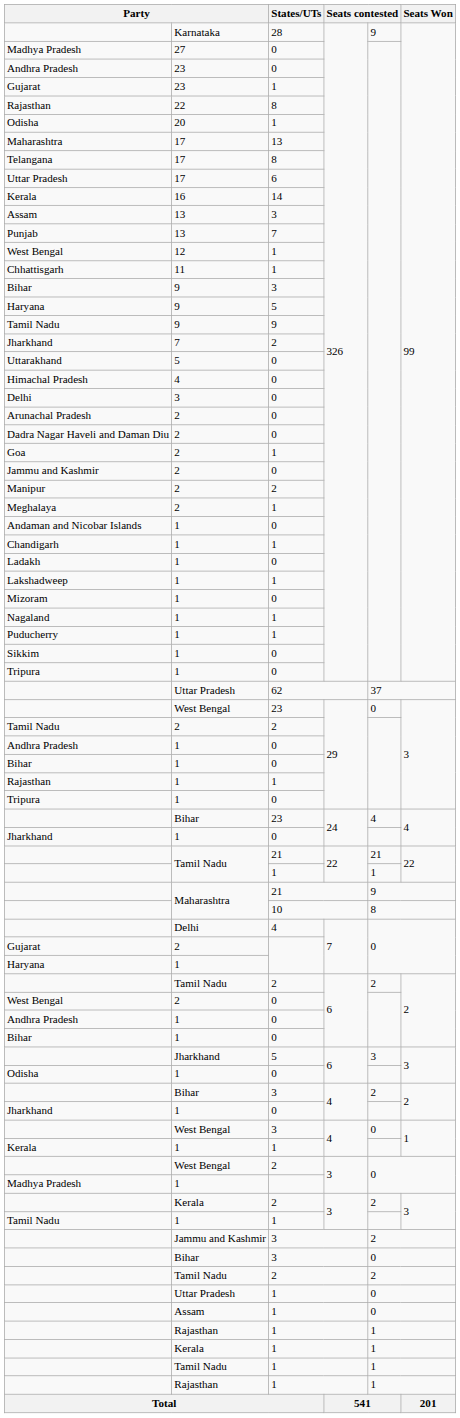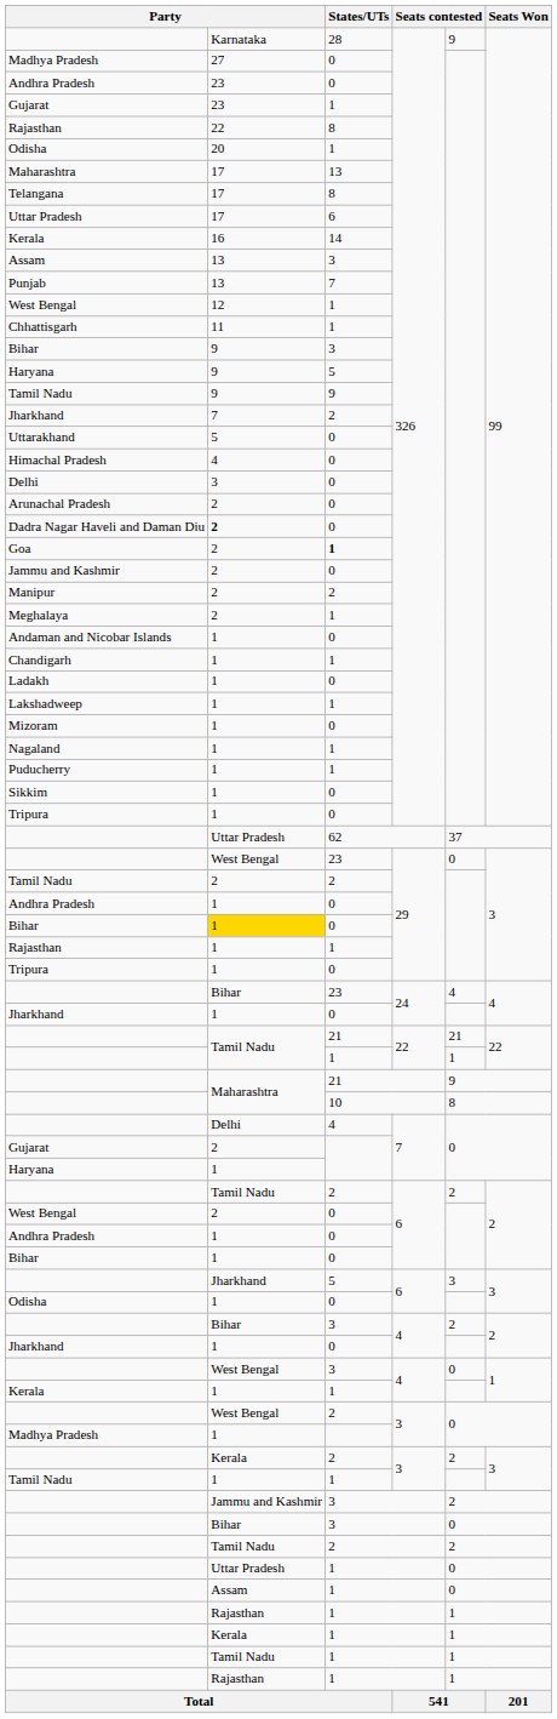 <table class="wikitable sortable sticky-header defaultcenter" style="font-size: 90%">
 <tr>
 <th colspan="2">Party</th>
 <th>States/UTs</th>
 <th colspan="2">Seats contested</th>
 <th colspan="2">Seats Won</th>
 </tr>
 <tr>
 <td></td>
 <td>Karnataka</td>
 <td>28</td>
 <td rowspan="36">326</td>
 <td>9</td>
 <td rowspan="36">99</td>
 </tr>
 <tr>
 <td>Madhya Pradesh</td>
 <td>27</td>
 <td>0</td>
 </tr>
 <tr>
 <td>Andhra Pradesh</td>
 <td>23</td>
 <td>0</td>
 </tr>
 <tr>
 <td>Gujarat</td>
 <td>23</td>
 <td>1</td>
 </tr>
 <tr>
 <td>Rajasthan</td>
 <td>22</td>
 <td>8</td>
 </tr>
 <tr>
 <td>Odisha</td>
 <td>20</td>
 <td>1</td>
 </tr>
 <tr>
 <td>Maharashtra</td>
 <td>17</td>
 <td>13</td>
 </tr>
 <tr>
 <td>Telangana</td>
 <td>17</td>
 <td>8</td>
 </tr>
 <tr>
 <td>Uttar Pradesh</td>
 <td>17</td>
 <td>6</td>
 </tr>
 <tr>
 <td>Kerala</td>
 <td>16</td>
 <td>14</td>
 </tr>
 <tr>
 <td>Assam</td>
 <td>13</td>
 <td>3</td>
 </tr>
 <tr>
 <td>Punjab</td>
 <td>13</td>
 <td>7</td>
 </tr>
 <tr>
 <td>West Bengal</td>
 <td>12</td>
 <td>1</td>
 </tr>
 <tr>
 <td>Chhattisgarh</td>
 <td>11</td>
 <td>1</td>
 </tr>
 <tr>
 <td>Bihar</td>
 <td>9</td>
 <td>3</td>
 </tr>
 <tr>
 <td>Haryana</td>
 <td>9</td>
 <td>5</td>
 </tr>
 <tr>
 <td>Tamil Nadu</td>
 <td>9</td>
 <td>9</td>
 </tr>
 <tr>
 <td>Jharkhand</td>
 <td>7</td>
 <td>2</td>
 </tr>
 <tr>
 <td>Uttarakhand</td>
 <td>5</td>
 <td>0</td>
 </tr>
 <tr>
 <td>Himachal Pradesh</td>
 <td>4</td>
 <td>0</td>
 </tr>
 <tr>
 <td>Delhi</td>
 <td>3</td>
 <td>0</td>
 </tr>
 <tr>
 <td>Arunachal Pradesh</td>
 <td>2</td>
 <td>0</td>
 </tr>
 <tr>
 <td>Dadra Nagar Haveli and Daman Diu</td>
-<td>2</td>
+<td><strong>2</strong></td>
 <td>0</td>
 </tr>
 <tr>
 <td>Goa</td>
 <td>2</td>
-<td>1</td>
+<td><strong>1</strong></td>
 </tr>
 <tr>
 <td>Jammu and Kashmir</td>
 <td>2</td>
 <td>0</td>
 </tr>
 <tr>
 <td>Manipur</td>
 <td>2</td>
 <td>2</td>
 </tr>
 <tr>
 <td>Meghalaya</td>
 <td>2</td>
 <td>1</td>
 </tr>
 <tr>
 <td>Andaman and Nicobar Islands</td>
 <td>1</td>
 <td>0</td>
 </tr>
 <tr>
 <td>Chandigarh</td>
 <td>1</td>
 <td>1</td>
 </tr>
 <tr>
 <td>Ladakh</td>
 <td>1</td>
 <td>0</td>
 </tr>
 <tr>
 <td>Lakshadweep</td>
 <td>1</td>
 <td>1</td>
 </tr>
 <tr>
 <td>Mizoram</td>
 <td>1</td>
 <td>0</td>
 </tr>
 <tr>
 <td>Nagaland</td>
 <td>1</td>
 <td>1</td>
 </tr>
 <tr>
 <td>Puducherry</td>
 <td>1</td>
 <td>1</td>
 </tr>
 <tr>
 <td>Sikkim</td>
 <td>1</td>
 <td>0</td>
 </tr>
 <tr>
 <td>Tripura</td>
 <td>1</td>
 <td>0</td>
 </tr>
 <tr>
 <td></td>
 <td>Uttar Pradesh</td>
 <td colspan="2">62</td>
 <td colspan="2">37</td>
 </tr>
 <tr>
 <td></td>
 <td>West Bengal</td>
 <td>23</td>
 <td rowspan="6">29</td>
 <td>0</td>
 <td rowspan="6">3</td>
 </tr>
 <tr>
 <td>Tamil Nadu</td>
 <td>2</td>
 <td>2</td>
 </tr>
 <tr>
 <td>Andhra Pradesh</td>
 <td>1</td>
 <td>0</td>
 </tr>
 <tr>
 <td>Bihar</td>
-<td>1</td>
+<td style="background: gold;">1</td>
 <td>0</td>
 </tr>
 <tr>
 <td>Rajasthan</td>
 <td>1</td>
 <td>1</td>
 </tr>
 <tr>
 <td>Tripura</td>
 <td>1</td>
 <td>0</td>
 </tr>
 <tr>
 <td></td>
 <td>Bihar</td>
 <td>23</td>
 <td rowspan="2">24</td>
 <td>4</td>
 <td rowspan="2">4</td>
 </tr>
 <tr>
 <td>Jharkhand</td>
 <td>1</td>
 <td>0</td>
 </tr>
 <tr>
 <td></td>
 <td rowspan="2">Tamil Nadu</td>
 <td>21</td>
 <td rowspan="2">22</td>
 <td>21</td>
 <td rowspan="2">22</td>
 </tr>
 <tr>
 <td></td>
 <td>1</td>
 <td>1</td>
 </tr>
 <tr>
 <td></td>
 <td rowspan="2">Maharashtra</td>
 <td colspan="2">21</td>
 <td colspan="2">9</td>
 </tr>
 <tr>
 <td></td>
 <td colspan="2">10</td>
 <td colspan="2">8</td>
 </tr>
 <tr>
 <td></td>
 <td>Delhi</td>
 <td>4</td>
 <td rowspan="3">7</td>
 <td rowspan="3" colspan="2">0</td>
 </tr>
 <tr>
 <td>Gujarat</td>
 <td>2</td>
 </tr>
 <tr>
 <td>Haryana</td>
 <td>1</td>
 </tr>
 <tr>
 <td></td>
 <td>Tamil Nadu</td>
 <td>2</td>
 <td rowspan="4">6</td>
 <td>2</td>
 <td rowspan="4">2</td>
 </tr>
 <tr>
 <td>West Bengal</td>
 <td>2</td>
 <td>0</td>
 </tr>
 <tr>
 <td>Andhra Pradesh</td>
 <td>1</td>
 <td>0</td>
 </tr>
 <tr>
 <td>Bihar</td>
 <td>1</td>
 <td>0</td>
 </tr>
 <tr>
 <td></td>
 <td>Jharkhand</td>
 <td>5</td>
 <td rowspan="2">6</td>
 <td>3</td>
 <td rowspan="2">3</td>
 </tr>
 <tr>
 <td>Odisha</td>
 <td>1</td>
 <td>0</td>
 </tr>
 <tr>
 <td></td>
 <td>Bihar</td>
 <td>3</td>
 <td rowspan="2">4</td>
 <td>2</td>
 <td rowspan="2">2</td>
 </tr>
 <tr>
 <td>Jharkhand</td>
 <td>1</td>
 <td>0</td>
 </tr>
 <tr>
 <td></td>
 <td>West Bengal</td>
 <td>3</td>
 <td rowspan="2">4</td>
 <td>0</td>
 <td rowspan="2">1</td>
 </tr>
 <tr>
 <td>Kerala</td>
 <td>1</td>
 <td>1</td>
 </tr>
 <tr>
 <td></td>
 <td>West Bengal</td>
 <td>2</td>
 <td rowspan="2">3</td>
 <td rowspan="2" colspan="2">0</td>
 </tr>
 <tr>
 <td>Madhya Pradesh</td>
 <td>1</td>
 </tr>
 <tr>
 <td></td>
 <td>Kerala</td>
 <td>2</td>
 <td rowspan="2">3</td>
 <td>2</td>
 <td rowspan="2">3</td>
 </tr>
 <tr>
 <td>Tamil Nadu</td>
 <td>1</td>
 <td>1</td>
 </tr>
 <tr>
 <td></td>
 <td>Jammu and Kashmir</td>
 <td colspan="2">3</td>
 <td colspan="2">2</td>
 </tr>
 <tr>
 <td></td>
 <td>Bihar</td>
 <td colspan="2">3</td>
 <td colspan="2">0</td>
 </tr>
 <tr>
 <td></td>
 <td>Tamil Nadu</td>
 <td colspan="2">2</td>
 <td colspan="2">2</td>
 </tr>
 <tr>
 <td></td>
 <td>Uttar Pradesh</td>
 <td colspan="2">1</td>
 <td colspan="2">0</td>
 </tr>
 <tr>
 <td></td>
 <td>Assam</td>
 <td colspan="2">1</td>
 <td colspan="2">0</td>
 </tr>
 <tr>
 <td></td>
 <td>Rajasthan</td>
 <td colspan="2">1</td>
 <td colspan="2">1</td>
 </tr>
 <tr>
 <td></td>
 <td>Kerala</td>
 <td colspan="2">1</td>
 <td colspan="2">1</td>
 </tr>
 <tr>
 <td></td>
 <td>Tamil Nadu</td>
 <td colspan="2">1</td>
 <td colspan="2">1</td>
 </tr>
 <tr>
 <td></td>
 <td>Rajasthan</td>
 <td colspan="2">1</td>
 <td colspan="2">1</td>
 </tr>
 <tr>
 <th colspan=3>Total</th>
 <th colspan=2>541</th>
 <th colspan=2>201</th>
 </tr>
 </table>
